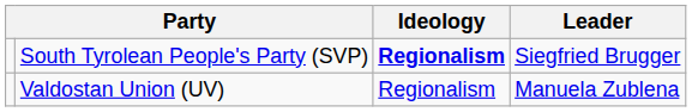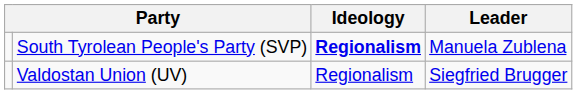 <table class=wikitable style=text-align:left>
 <tr>
 <th colspan=2>Party</th>
 <th>Ideology</th>
 <th>Leader</th>
 </tr>
 <tr>
 <td></td>
 <td><a href='#'>South Tyrolean People's Party</a> (SVP)</td>
 <td><strong><a href='#'>Regionalism</a></strong></td>
-<td><a href='#'>Siegfried Brugger</a></td>
+<td><a href='#'>Manuela Zublena</a></td>
 </tr>
 <tr>
 <td></td>
 <td><a href='#'>Valdostan Union</a> (UV)</td>
 <td><a href='#'>Regionalism</a></td>
-<td><a href='#'>Manuela Zublena</a></td>
+<td><a href='#'>Siegfried Brugger</a></td>
 </tr>
 </table>
